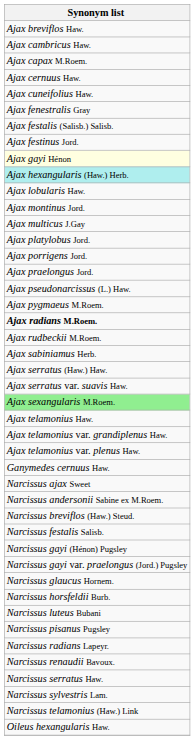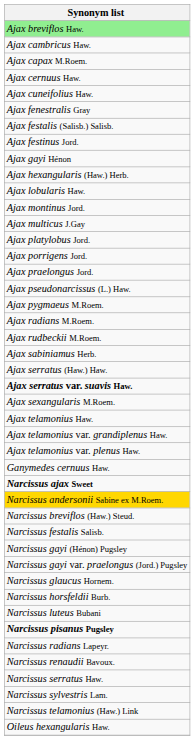 <table class="mw-collapsible mw-collapsed wikitable">
 <tr>
 <th>Synonym list </th>
 </tr>
 <tr>
-<td><em>Ajax breviflos</em> <small>Haw.</small></td>
+<td style="background: lightgreen;"><em>Ajax breviflos</em> <small>Haw.</small></td>
 </tr>
 <tr>
 <td><em>Ajax cambricus</em> <small>Haw.</small></td>
 </tr>
 <tr>
 <td><em>Ajax capax</em> <small>M.Roem.</small></td>
 </tr>
 <tr>
 <td><em>Ajax cernuus</em> <small>Haw.</small></td>
 </tr>
 <tr>
 <td><em>Ajax cuneifolius</em> <small>Haw.</small></td>
 </tr>
 <tr>
 <td><em>Ajax fenestralis</em> <small>Gray</small></td>
 </tr>
 <tr>
 <td><em>Ajax festalis</em> <small>(Salisb.) Salisb.</small></td>
 </tr>
 <tr>
 <td><em>Ajax festinus</em> <small>Jord.</small></td>
 </tr>
 <tr>
-<td style="background: lightyellow;"><em>Ajax gayi</em> <small>Hénon</small></td>
+<td><em>Ajax gayi</em> <small>Hénon</small></td>
 </tr>
 <tr>
-<td style="background: paleturquoise;"><em>Ajax hexangularis</em> <small>(Haw.) Herb.</small></td>
+<td><em>Ajax hexangularis</em> <small>(Haw.) Herb.</small></td>
 </tr>
 <tr>
 <td><em>Ajax lobularis</em> <small>Haw.</small></td>
 </tr>
 <tr>
 <td><em>Ajax montinus</em> <small>Jord.</small></td>
 </tr>
 <tr>
 <td><em>Ajax multicus</em> <small>J.Gay</small></td>
 </tr>
 <tr>
 <td><em>Ajax platylobus</em> <small>Jord.</small></td>
 </tr>
 <tr>
 <td><em>Ajax porrigens</em> <small>Jord.</small></td>
 </tr>
 <tr>
 <td><em>Ajax praelongus</em> <small>Jord.</small></td>
 </tr>
 <tr>
 <td><em>Ajax pseudonarcissus</em> <small>(L.) Haw.</small></td>
 </tr>
 <tr>
 <td><em>Ajax pygmaeus</em> <small>M.Roem.</small></td>
 </tr>
 <tr>
-<td><strong><em>Ajax radians</em> <small>M.Roem.</small></strong></td>
+<td><em>Ajax radians</em> <small>M.Roem.</small></td>
 </tr>
 <tr>
 <td><em>Ajax rudbeckii</em> <small>M.Roem.</small></td>
 </tr>
 <tr>
 <td><em>Ajax sabiniamus</em> <small>Herb.</small></td>
 </tr>
 <tr>
 <td><em>Ajax serratus</em> <small>(Haw.) Haw.</small></td>
 </tr>
 <tr>
-<td><em>Ajax serratus</em> var. <em>suavis</em> <small>Haw.</small></td>
+<td><strong><em>Ajax serratus</em> var. <em>suavis</em> <small>Haw.</small></strong></td>
 </tr>
 <tr>
-<td style="background: lightgreen;"><em>Ajax sexangularis</em> <small>M.Roem.</small></td>
+<td><em>Ajax sexangularis</em> <small>M.Roem.</small></td>
 </tr>
 <tr>
 <td><em>Ajax telamonius</em> <small>Haw.</small></td>
 </tr>
 <tr>
 <td><em>Ajax telamonius</em> var. <em>grandiplenus</em> <small>Haw.</small></td>
 </tr>
 <tr>
 <td><em>Ajax telamonius</em> var. <em>plenus</em> <small>Haw.</small></td>
 </tr>
 <tr>
 <td><em>Ganymedes cernuus</em> <small>Haw.</small></td>
 </tr>
 <tr>
-<td><em>Narcissus ajax</em> <small>Sweet</small></td>
+<td><strong><em>Narcissus ajax</em> <small>Sweet</small></strong></td>
 </tr>
 <tr>
-<td><em>Narcissus andersonii</em> <small>Sabine ex M.Roem.</small></td>
+<td style="background: gold;"><em>Narcissus andersonii</em> <small>Sabine ex M.Roem.</small></td>
 </tr>
 <tr>
 <td><em>Narcissus breviflos</em> <small>(Haw.) Steud.</small></td>
 </tr>
 <tr>
 <td><em>Narcissus festalis</em> <small>Salisb.</small></td>
 </tr>
 <tr>
 <td><em>Narcissus gayi</em> <small>(Hénon) Pugsley</small></td>
 </tr>
 <tr>
 <td><em>Narcissus</em> <em>gayi</em> var. <em>praelongus</em> <small>(Jord.) Pugsley</small></td>
 </tr>
 <tr>
 <td><em>Narcissus glaucus</em> <small>Hornem.</small></td>
 </tr>
 <tr>
 <td><em>Narcissus horsfeldii</em> <small>Burb.</small></td>
 </tr>
 <tr>
 <td><em>Narcissus luteus</em> <small>Bubani</small></td>
 </tr>
 <tr>
-<td><em>Narcissus pisanus</em> <small>Pugsley</small></td>
+<td><strong><em>Narcissus pisanus</em> <small>Pugsley</small></strong></td>
 </tr>
 <tr>
 <td><em>Narcissus radians</em> <small>Lapeyr.</small></td>
 </tr>
 <tr>
 <td><em>Narcissus renaudii</em> <small>Bavoux.</small></td>
 </tr>
 <tr>
 <td><em>Narcissus serratus</em> <small>Haw.</small></td>
 </tr>
 <tr>
 <td><em>Narcissus sylvestris</em> <small>Lam.</small></td>
 </tr>
 <tr>
 <td><em>Narcissus telamonius</em> <small>(Haw.) Link</small></td>
 </tr>
 <tr>
 <td><em>Oileus hexangularis</em> <small>Haw.</small></td>
 </tr>
 <tr>
 </tr>
 </table>
